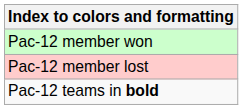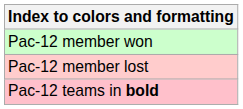 <table class="wikitable">
 <tr>
 <th>Index to colors and formatting</th>
 </tr>
 <tr style="background:#cfc;">
 <td>Pac-12 member won</td>
 </tr>
 <tr style="background:#fcc;">
 <td>Pac-12 member lost</td>
 </tr>
 <tr>
-<td>Pac-12 teams in <strong>bold</strong></td>
+<td style="background: pink;">Pac-12 teams in <strong>bold</strong></td>
 </tr>
 </table>
